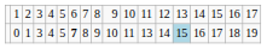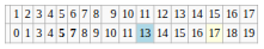 <table class="wikitable">
 <tr>
 <td></td>
 <td>1</td>
 <td>2</td>
 <td>3</td>
 <td>4</td>
 <td>5</td>
 <td>6</td>
 <td>7</td>
 <td>8</td>
 <td style="text-align:right">9</td>
 <td>10</td>
 <td>11</td>
 <td>12</td>
 <td>13</td>
 <td>14</td>
 <td>15</td>
 <td>16</td>
 <td>17</td>
 </tr>
 <tr>
 <td></td>
 <td>0</td>
 <td>1</td>
 <td>3</td>
 <td>4</td>
-<td>5</td>
+<td><strong>5</strong></td>
 <td><strong>7</strong></td>
 <td>8</td>
 <td>9</td>
 <td>10</td>
 <td>11</td>
-<td>13</td>
+<td style="background: lightblue;">13</td>
 <td>14</td>
-<td style="background: lightblue;">15</td>
+<td>15</td>
 <td>16</td>
-<td>17</td>
+<td style="background: lightyellow;">17</td>
 <td>18</td>
 <td>19</td>
 </tr>
 </table>
